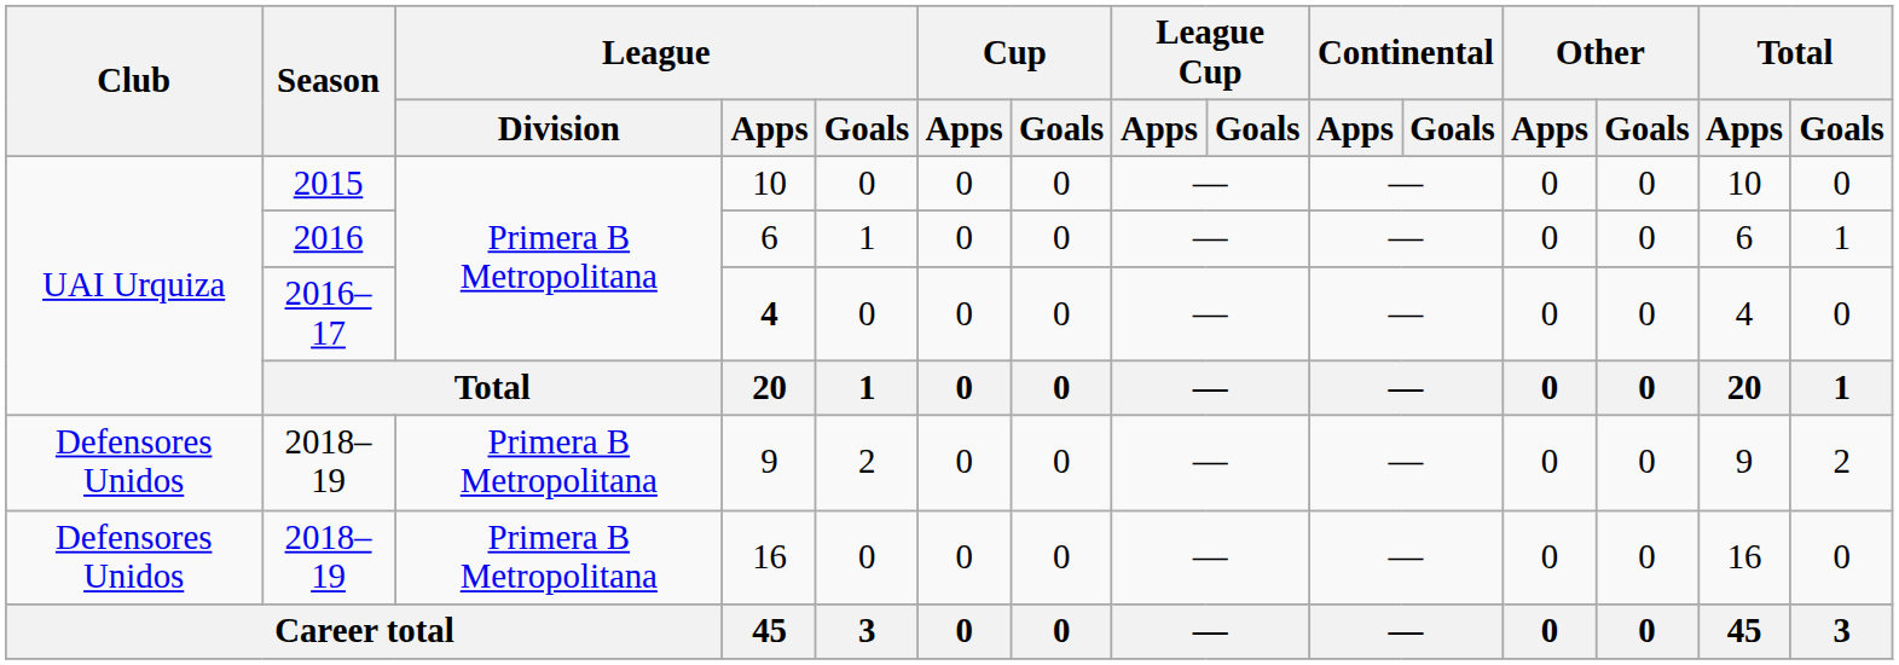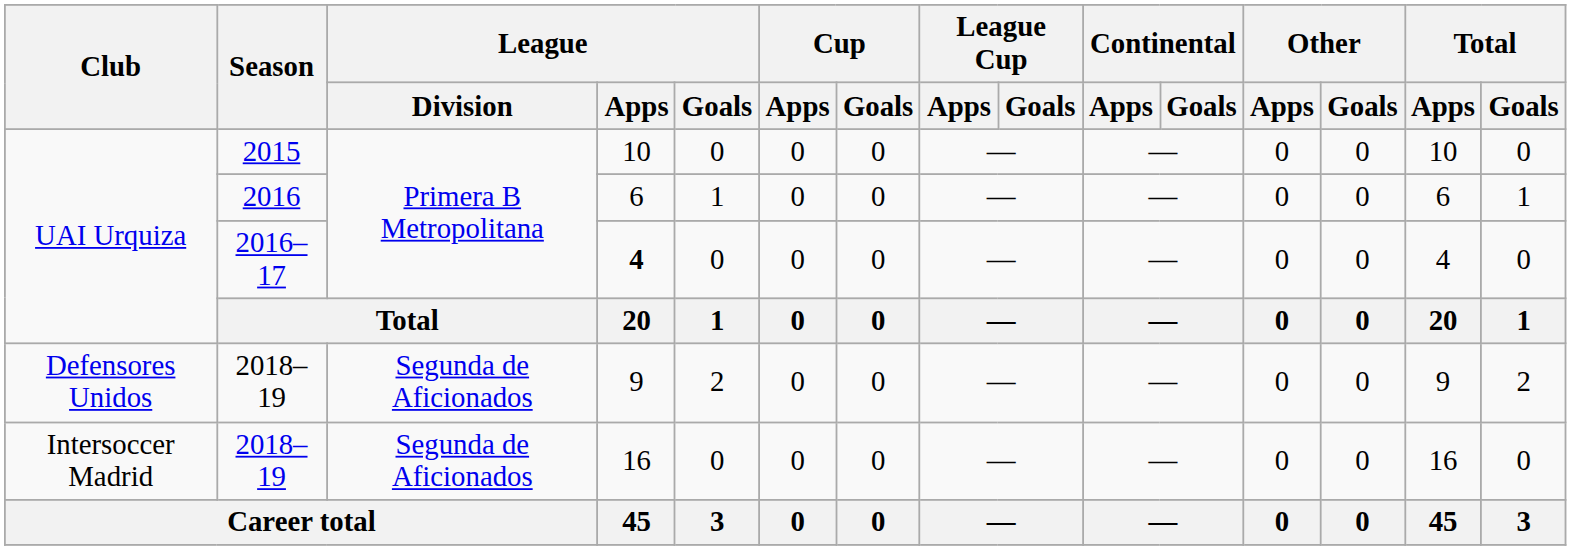 <table class="wikitable" style="text-align:center">
 <tr>
 <th rowspan="2">Club</th>
 <th rowspan="2">Season</th>
 <th colspan="3">League</th>
 <th colspan="2">Cup</th>
 <th colspan="2">League Cup</th>
 <th colspan="2">Continental</th>
 <th colspan="2">Other</th>
 <th colspan="2">Total</th>
 </tr>
 <tr>
 <th>Division</th>
 <th>Apps</th>
 <th>Goals</th>
 <th>Apps</th>
 <th>Goals</th>
 <th>Apps</th>
 <th>Goals</th>
 <th>Apps</th>
 <th>Goals</th>
 <th>Apps</th>
 <th>Goals</th>
 <th>Apps</th>
 <th>Goals</th>
 </tr>
 <tr>
 <td rowspan="4"><a href='#'>UAI Urquiza</a></td>
 <td><a href='#'>2015</a></td>
 <td rowspan="3"><a href='#'>Primera B Metropolitana</a></td>
 <td>10</td>
 <td>0</td>
 <td>0</td>
 <td>0</td>
 <td colspan="2">—</td>
 <td colspan="2">—</td>
 <td>0</td>
 <td>0</td>
 <td>10</td>
 <td>0</td>
 </tr>
 <tr>
 <td><a href='#'>2016</a></td>
 <td>6</td>
 <td>1</td>
 <td>0</td>
 <td>0</td>
 <td colspan="2">—</td>
 <td colspan="2">—</td>
 <td>0</td>
 <td>0</td>
 <td>6</td>
 <td>1</td>
 </tr>
 <tr>
 <td><a href='#'>2016–17</a></td>
 <td><strong>4</strong></td>
 <td>0</td>
 <td>0</td>
 <td>0</td>
 <td colspan="2">—</td>
 <td colspan="2">—</td>
 <td>0</td>
 <td>0</td>
 <td>4</td>
 <td>0</td>
 </tr>
 <tr>
 <th colspan="2">Total</th>
 <th>20</th>
 <th>1</th>
 <th>0</th>
 <th>0</th>
 <th colspan="2">—</th>
 <th colspan="2">—</th>
 <th>0</th>
 <th>0</th>
 <th>20</th>
 <th>1</th>
 </tr>
 <tr>
 <td rowspan="1"><a href='#'>Defensores Unidos</a></td>
 <td>2018–19</td>
-<td rowspan="1"><a href='#'>Primera B Metropolitana</a></td>
+<td rowspan="1"><a href='#'>Segunda de Aficionados</a></td>
 <td>9</td>
 <td>2</td>
 <td>0</td>
 <td>0</td>
 <td colspan="2">—</td>
 <td colspan="2">—</td>
 <td>0</td>
 <td>0</td>
 <td>9</td>
 <td>2</td>
 </tr>
 <tr>
-<td rowspan="1"><a href='#'>Defensores Unidos</a></td>
+<td rowspan="1">Intersoccer Madrid</td>
 <td><a href='#'>2018–19</a></td>
-<td rowspan="1"><a href='#'>Primera B Metropolitana</a></td>
+<td rowspan="1"><a href='#'>Segunda de Aficionados</a></td>
 <td>16</td>
 <td>0</td>
 <td>0</td>
 <td>0</td>
 <td colspan="2">—</td>
 <td colspan="2">—</td>
 <td>0</td>
 <td>0</td>
 <td>16</td>
 <td>0</td>
 </tr>
 <tr>
 <th colspan="3">Career total</th>
 <th>45</th>
 <th>3</th>
 <th>0</th>
 <th>0</th>
 <th colspan="2">—</th>
 <th colspan="2">—</th>
 <th>0</th>
 <th>0</th>
 <th>45</th>
 <th>3</th>
 </tr>
 </table>
